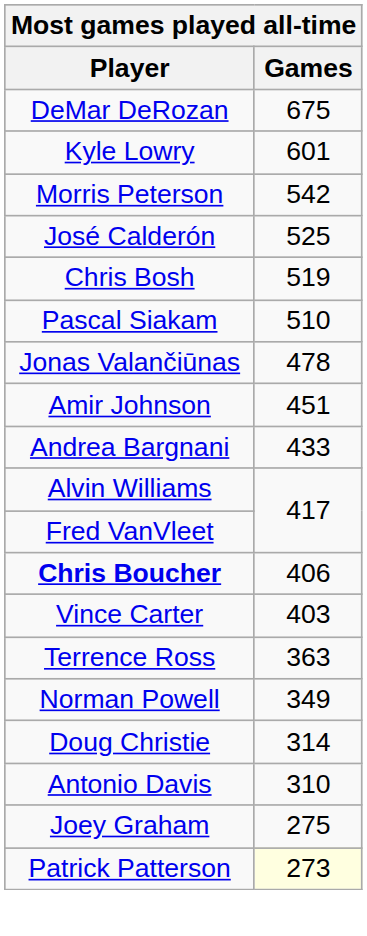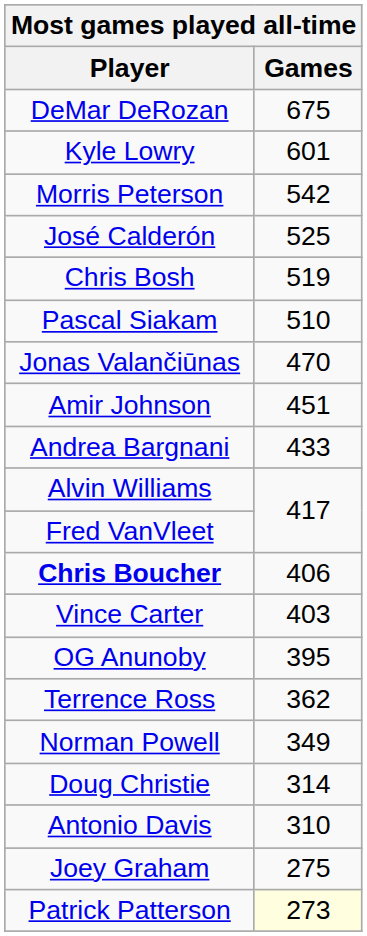 <table class="wikitable sortable" style="text-align:center">
 <tr>
 <th colspan="2">Most games played all-time</th>
 </tr>
 <tr>
 <th>Player</th>
 <th>Games</th>
 </tr>
 <tr>
 <td><a href='#'>DeMar DeRozan</a></td>
 <td>675</td>
 </tr>
 <tr>
 <td><a href='#'>Kyle Lowry</a></td>
 <td>601</td>
 </tr>
 <tr>
 <td><a href='#'>Morris Peterson</a></td>
 <td>542</td>
 </tr>
 <tr>
 <td><a href='#'>José Calderón</a></td>
 <td>525</td>
 </tr>
 <tr>
 <td><a href='#'>Chris Bosh</a></td>
 <td>519</td>
 </tr>
 <tr>
 <td><a href='#'>Pascal Siakam</a></td>
 <td>510</td>
 </tr>
 <tr>
 <td><a href='#'>Jonas Valančiūnas</a></td>
-<td>478</td>
+<td>470</td>
 </tr>
 <tr>
 <td><a href='#'>Amir Johnson</a></td>
 <td>451</td>
 </tr>
 <tr>
 <td><a href='#'>Andrea Bargnani</a></td>
 <td>433</td>
 </tr>
 <tr>
 <td><a href='#'>Alvin Williams</a></td>
 <td rowspan=2>417</td>
 </tr>
 <tr>
 <td><a href='#'>Fred VanVleet</a></td>
 </tr>
 <tr>
 <td><strong><a href='#'>Chris Boucher</a></strong></td>
 <td>406</td>
 </tr>
 <tr>
 <td><a href='#'>Vince Carter</a></td>
 <td>403</td>
 </tr>
 <tr>
+<td><a href='#'>OG Anunoby</a></td>
+<td>395</td>
+</tr>
+<tr>
 <td><a href='#'>Terrence Ross</a></td>
-<td>363</td>
+<td>362</td>
 </tr>
 <tr>
 <td><a href='#'>Norman Powell</a></td>
 <td>349</td>
 </tr>
 <tr>
 <td><a href='#'>Doug Christie</a></td>
 <td>314</td>
 </tr>
 <tr>
 <td><a href='#'>Antonio Davis</a></td>
 <td>310</td>
 </tr>
 <tr>
 <td><a href='#'>Joey Graham</a></td>
 <td>275</td>
 </tr>
 <tr>
 <td><a href='#'>Patrick Patterson</a></td>
 <td style="background: lightyellow;">273</td>
 </tr>
 </table>
